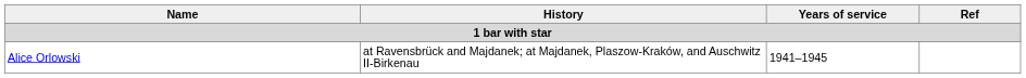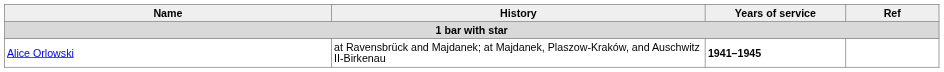 <table align="center" border="1" cellpadding="3" cellspacing="0" style="font-size: 90%; border: gray solid 1px; border-collapse: collapse; text-align: middle;">
 <tr>
 <th bgcolor="#efefef" style="width: 35%">Name</th>
 <th bgcolor="#efefef" style="width: 40%">History</th>
 <th bgcolor="#efefef" style="width: 15%">Years of service</th>
 <th bgcolor="#efefef" style="width: 10%">Ref</th>
 </tr>
 <tr style="background-color:#D9D9D9; width: 100%">
 <th colspan="5">1 bar with star</th>
 </tr>
 <tr>
 <td><a href='#'>Alice Orlowski</a></td>
 <td> at Ravensbrück and Majdanek;  at Majdanek, Plaszow-Kraków, and Auschwitz II-Birkenau</td>
-<td>1941–1945</td>
+<td><strong>1941–1945</strong></td>
 <td></td>
 </tr>
 </table>
